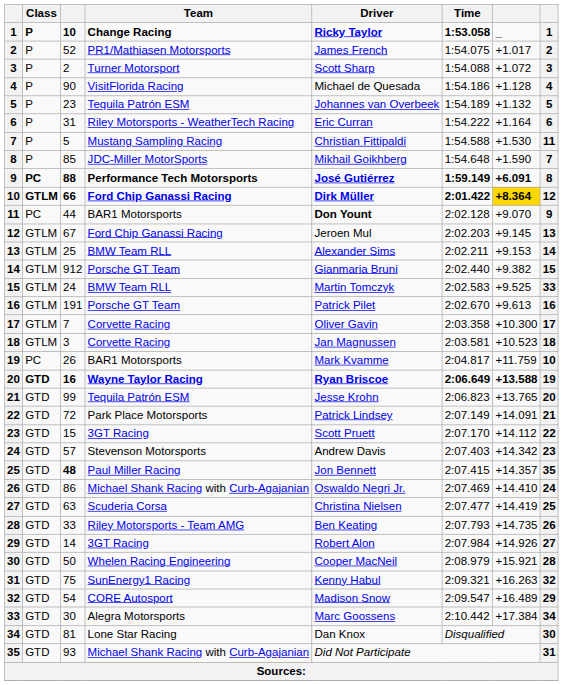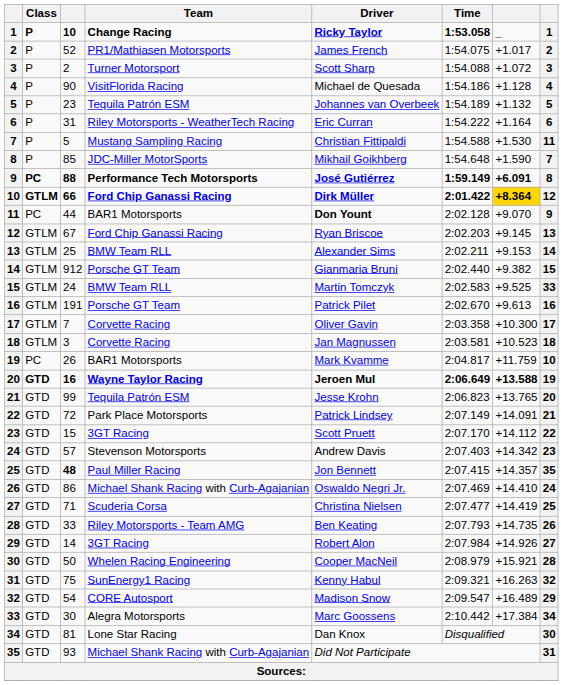 <table class="wikitable">
 <tr>
 <th scope="col"></th>
 <th scope="col">Class</th>
 <th scope="col"></th>
 <th scope="col">Team</th>
 <th scope="col">Driver</th>
 <th scope="col">Time</th>
 <th scope="col"></th>
 <th scope="col"></th>
 </tr>
 <tr style="font-weight:bold">
 <th>1</th>
 <td>P</td>
 <td>10</td>
 <td> Change Racing</td>
 <td> <a href='#'>Ricky Taylor</a></td>
 <td>1:53.058</td>
 <td><strong>_</strong></td>
 <th>1</th>
 </tr>
 <tr>
 <th>2</th>
 <td>P</td>
 <td>52</td>
 <td> <a href='#'>PR1/Mathiasen Motorsports</a></td>
 <td> <a href='#'>James French</a></td>
 <td>1:54.075</td>
 <td>+1.017</td>
 <th>2</th>
 </tr>
 <tr>
 <th>3</th>
 <td>P</td>
 <td>2</td>
 <td> <a href='#'>Turner Motorsport</a></td>
 <td> <a href='#'>Scott Sharp</a></td>
 <td>1:54.088</td>
 <td>+1.072</td>
 <th>3</th>
 </tr>
 <tr>
 <th>4</th>
 <td>P</td>
 <td>90</td>
 <td> <a href='#'>VisitFlorida Racing</a></td>
 <td> Michael de Quesada</td>
 <td>1:54.186</td>
 <td>+1.128</td>
 <th>4</th>
 </tr>
 <tr>
 <th>5</th>
 <td>P</td>
 <td>23</td>
 <td> <a href='#'>Tequila Patrón ESM</a></td>
 <td> <a href='#'>Johannes van Overbeek</a></td>
 <td>1:54.189</td>
 <td>+1.132</td>
 <th>5</th>
 </tr>
 <tr>
 <th>6</th>
 <td>P</td>
 <td>31</td>
 <td> <a href='#'>Riley Motorsports - WeatherTech Racing</a></td>
 <td> <a href='#'>Eric Curran</a></td>
 <td>1:54.222</td>
 <td>+1.164</td>
 <th>6</th>
 </tr>
 <tr>
 <th>7</th>
 <td>P</td>
 <td>5</td>
 <td> <a href='#'>Mustang Sampling Racing</a></td>
 <td> <a href='#'>Christian Fittipaldi</a></td>
 <td>1:54.588</td>
 <td>+1.530</td>
 <th>11</th>
 </tr>
 <tr>
 <th>8</th>
 <td>P</td>
 <td>85</td>
 <td> <a href='#'>JDC-Miller MotorSports</a></td>
 <td> <a href='#'>Mikhail Goikhberg</a></td>
 <td>1:54.648</td>
 <td>+1.590</td>
 <th>7</th>
 </tr>
 <tr style="font-weight:bold">
 <th>9</th>
 <td>PC</td>
 <td>88</td>
 <td> Performance Tech Motorsports</td>
 <td> <a href='#'>José Gutiérrez</a></td>
 <td>1:59.149</td>
 <td>+6.091</td>
 <th>8</th>
 </tr>
 <tr style="font-weight:bold">
 <th>10</th>
 <td>GTLM</td>
 <td>66</td>
 <td> <a href='#'>Ford Chip Ganassi Racing</a></td>
 <td> <a href='#'>Dirk Müller</a></td>
 <td>2:01.422</td>
 <td style="background: gold;">+8.364</td>
 <th>12</th>
 </tr>
 <tr>
 <th>11</th>
 <td>PC</td>
 <td>44</td>
 <td> BAR1 Motorsports</td>
 <td><strong> Don Yount</strong></td>
 <td>2:02.128</td>
 <td>+9.070</td>
 <th>9</th>
 </tr>
 <tr>
 <th>12</th>
 <td>GTLM</td>
 <td>67</td>
 <td> <a href='#'>Ford Chip Ganassi Racing</a></td>
-<td> Jeroen Mul</td>
+<td> <a href='#'>Ryan Briscoe</a></td>
 <td>2:02.203</td>
 <td>+9.145</td>
 <th>13</th>
 </tr>
 <tr>
 <th>13</th>
 <td>GTLM</td>
 <td>25</td>
 <td> <a href='#'>BMW Team RLL</a></td>
 <td> <a href='#'>Alexander Sims</a></td>
 <td>2:02.211</td>
 <td>+9.153</td>
 <th>14</th>
 </tr>
 <tr>
 <th>14</th>
 <td>GTLM</td>
 <td>912</td>
 <td> <a href='#'>Porsche GT Team</a></td>
 <td> <a href='#'>Gianmaria Bruni</a></td>
 <td>2:02.440</td>
 <td>+9.382</td>
 <th>15</th>
 </tr>
 <tr>
 <th>15</th>
 <td>GTLM</td>
 <td>24</td>
 <td> <a href='#'>BMW Team RLL</a></td>
 <td> <a href='#'>Martin Tomczyk</a></td>
 <td>2:02.583</td>
 <td>+9.525</td>
 <th>33</th>
 </tr>
 <tr>
 <th>16</th>
 <td>GTLM</td>
 <td>191</td>
 <td> <a href='#'>Porsche GT Team</a></td>
 <td> <a href='#'>Patrick Pilet</a></td>
 <td>2:02.670</td>
 <td>+9.613</td>
 <th>16</th>
 </tr>
 <tr>
 <th>17</th>
 <td>GTLM</td>
 <td>7</td>
 <td> <a href='#'>Corvette Racing</a></td>
 <td> <a href='#'>Oliver Gavin</a></td>
 <td>2:03.358</td>
 <td>+10.300</td>
 <th>17</th>
 </tr>
 <tr>
 <th>18</th>
 <td>GTLM</td>
 <td>3</td>
 <td> <a href='#'>Corvette Racing</a></td>
 <td> <a href='#'>Jan Magnussen</a></td>
 <td>2:03.581</td>
 <td>+10.523</td>
 <th>18</th>
 </tr>
 <tr>
 <th>19</th>
 <td>PC</td>
 <td>26</td>
 <td> BAR1 Motorsports</td>
 <td> <a href='#'>Mark Kvamme</a></td>
 <td>2:04.817</td>
 <td>+11.759</td>
 <th>10</th>
 </tr>
 <tr style="font-weight:bold">
 <th>20</th>
 <td>GTD</td>
 <td>16</td>
 <td> <a href='#'>Wayne Taylor Racing</a></td>
-<td> <a href='#'>Ryan Briscoe</a></td>
+<td> Jeroen Mul</td>
 <td>2:06.649</td>
 <td>+13.588</td>
 <th>19</th>
 </tr>
 <tr>
 <th>21</th>
 <td>GTD</td>
 <td>99</td>
 <td> <a href='#'>Tequila Patrón ESM</a></td>
 <td> <a href='#'>Jesse Krohn</a></td>
 <td>2:06.823</td>
 <td>+13.765</td>
 <th>20</th>
 </tr>
 <tr>
 <th>22</th>
 <td>GTD</td>
 <td>72</td>
 <td> Park Place Motorsports</td>
 <td> <a href='#'>Patrick Lindsey</a></td>
 <td>2:07.149</td>
 <td>+14.091</td>
 <th>21</th>
 </tr>
 <tr>
 <th>23</th>
 <td>GTD</td>
 <td>15</td>
 <td> <a href='#'>3GT Racing</a></td>
 <td> <a href='#'>Scott Pruett</a></td>
 <td>2:07.170</td>
 <td>+14.112</td>
 <th>22</th>
 </tr>
 <tr>
 <th>24</th>
 <td>GTD</td>
 <td>57</td>
 <td> Stevenson Motorsports</td>
 <td> Andrew Davis</td>
 <td>2:07.403</td>
 <td>+14.342</td>
 <th>23</th>
 </tr>
 <tr>
 <th>25</th>
 <td>GTD</td>
 <td><strong>48</strong></td>
 <td> <a href='#'>Paul Miller Racing</a></td>
 <td> <a href='#'>Jon Bennett</a></td>
 <td>2:07.415</td>
 <td>+14.357</td>
 <th>35</th>
 </tr>
 <tr>
 <th>26</th>
 <td>GTD</td>
 <td>86</td>
 <td> <a href='#'>Michael Shank Racing</a> with <a href='#'>Curb-Agajanian</a></td>
 <td> <a href='#'>Oswaldo Negri Jr.</a></td>
 <td>2:07.469</td>
 <td>+14.410</td>
 <th>24</th>
 </tr>
 <tr>
 <th>27</th>
 <td>GTD</td>
-<td>63</td>
+<td>71</td>
 <td> <a href='#'>Scuderia Corsa</a></td>
 <td> <a href='#'>Christina Nielsen</a></td>
 <td>2:07.477</td>
 <td>+14.419</td>
 <th>25</th>
 </tr>
 <tr>
 <th>28</th>
 <td>GTD</td>
 <td>33</td>
 <td> <a href='#'>Riley Motorsports - Team AMG</a></td>
 <td> <a href='#'>Ben Keating</a></td>
 <td>2:07.793</td>
 <td>+14.735</td>
 <th>26</th>
 </tr>
 <tr>
 <th>29</th>
 <td>GTD</td>
 <td>14</td>
 <td> <a href='#'>3GT Racing</a></td>
 <td> <a href='#'>Robert Alon</a></td>
 <td>2:07.984</td>
 <td>+14.926</td>
 <th>27</th>
 </tr>
 <tr>
 <th>30</th>
 <td>GTD</td>
 <td>50</td>
 <td> <a href='#'>Whelen Racing Engineering</a></td>
 <td> <a href='#'>Cooper MacNeil</a></td>
 <td>2:08.979</td>
 <td>+15.921</td>
 <th>28</th>
 </tr>
 <tr>
 <th>31</th>
 <td>GTD</td>
 <td>75</td>
 <td> <a href='#'>SunEnergy1 Racing</a></td>
 <td> <a href='#'>Kenny Habul</a></td>
 <td>2:09.321</td>
 <td>+16.263</td>
 <th>32</th>
 </tr>
 <tr>
 <th>32</th>
 <td>GTD</td>
 <td>54</td>
 <td> <a href='#'>CORE Autosport</a></td>
 <td> <a href='#'>Madison Snow</a></td>
 <td>2:09.547</td>
 <td>+16.489</td>
 <th>29</th>
 </tr>
 <tr>
 <th>33</th>
 <td>GTD</td>
 <td>30</td>
 <td> Alegra Motorsports</td>
 <td> <a href='#'>Marc Goossens</a></td>
 <td>2:10.442</td>
 <td>+17.384</td>
 <th>34</th>
 </tr>
 <tr>
 <th>34</th>
 <td>GTD</td>
 <td>81</td>
 <td> Lone Star Racing</td>
 <td> Dan Knox</td>
 <td colspan="2"><em>Disqualified</em></td>
 <th>30</th>
 </tr>
 <tr>
 <th>35</th>
 <td>GTD</td>
 <td>93</td>
 <td> <a href='#'>Michael Shank Racing</a> with <a href='#'>Curb-Agajanian</a></td>
 <td colspan="3"><em>Did Not Participate</em></td>
 <th>31</th>
 </tr>
 <tr>
 <th colspan="8">Sources:</th>
 </tr>
 <tr>
 </tr>
 </table>
